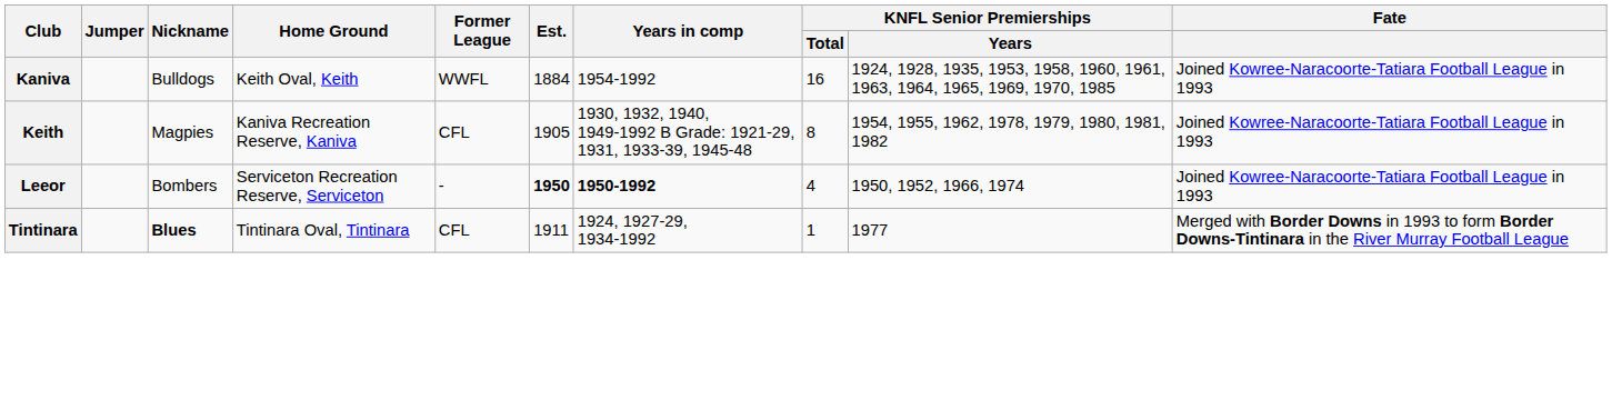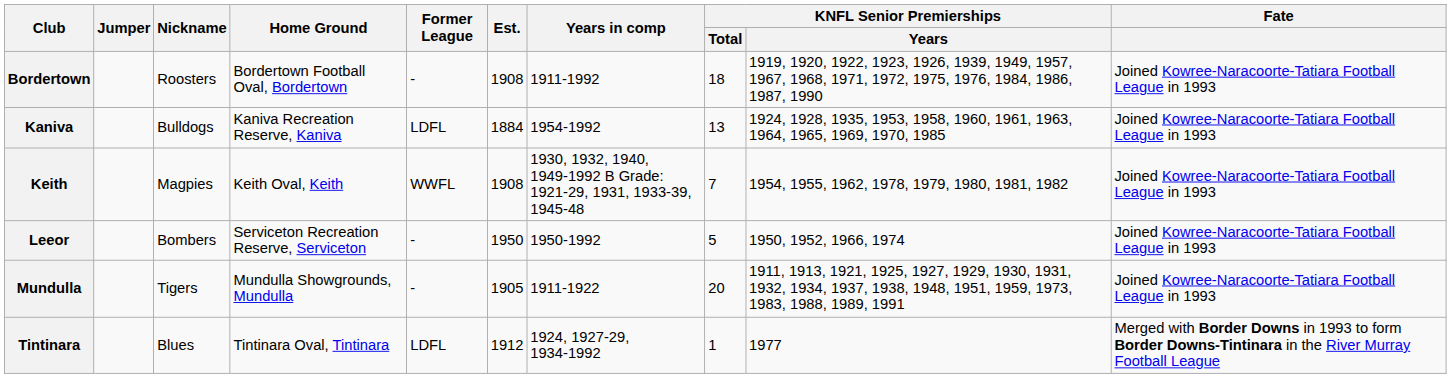 <table class="wikitable sortable">
 <tr>
 <th rowspan="2">Club</th>
 <th rowspan="2">Jumper</th>
 <th rowspan="2">Nickname</th>
 <th rowspan="2">Home Ground</th>
 <th rowspan="2">Former League</th>
 <th rowspan="2">Est.</th>
 <th rowspan="2">Years in comp</th>
 <th colspan="2">KNFL Senior Premierships</th>
 <th>Fate</th>
 </tr>
 <tr>
 <th>Total</th>
 <th>Years</th>
 <th></th>
 </tr>
 <tr>
+<th>Bordertown</th>
+<td></td>
+<td align="left">Roosters</td>
+<td align="left">Bordertown Football Oval, <a href='#'>Bordertown</a></td>
+<td>-</td>
+<td>1908</td>
+<td>1911-1992</td>
+<td>18</td>
+<td align="left">1919, 1920, 1922, 1923, 1926, 1939, 1949, 1957, 1967, 1968, 1971, 1972, 1975, 1976, 1984, 1986, 1987, 1990</td>
+<td>Joined <a href='#'>Kowree-Naracoorte-Tatiara Football League</a> in 1993</td>
+</tr>
+<tr>
 <th>Kaniva</th>
 <td></td>
 <td align="left">Bulldogs</td>
-<td align="left">Keith Oval, <a href='#'>Keith</a></td>
-<td>WWFL</td>
+<td align="left">Kaniva Recreation Reserve, <a href='#'>Kaniva</a></td>
+<td>LDFL</td>
 <td>1884</td>
 <td>1954-1992</td>
-<td>16</td>
+<td>13</td>
 <td align="left">1924, 1928, 1935, 1953, 1958, 1960, 1961, 1963, 1964, 1965, 1969, 1970, 1985</td>
 <td>Joined <a href='#'>Kowree-Naracoorte-Tatiara Football League</a> in 1993</td>
 </tr>
 <tr>
 <th>Keith</th>
 <td></td>
 <td align="left">Magpies</td>
-<td align="left">Kaniva Recreation Reserve, <a href='#'>Kaniva</a></td>
-<td>CFL</td>
-<td>1905</td>
+<td align="left">Keith Oval, <a href='#'>Keith</a></td>
+<td>WWFL</td>
+<td>1908</td>
 <td>1930, 1932, 1940,<br>1949-1992 B Grade: 1921-29, 1931,  1933-39, 1945-48</td>
-<td>8</td>
+<td>7</td>
 <td align="left">1954, 1955, 1962, 1978, 1979, 1980, 1981, 1982</td>
 <td>Joined <a href='#'>Kowree-Naracoorte-Tatiara Football League</a> in 1993</td>
 </tr>
 <tr>
 <th>Leeor</th>
 <td></td>
 <td align="left">Bombers</td>
 <td align="left">Serviceton Recreation Reserve, <a href='#'>Serviceton</a></td>
 <td>-</td>
-<td><strong>1950</strong></td>
-<td><strong>1950-1992</strong></td>
-<td>4</td>
+<td>1950</td>
+<td>1950-1992</td>
+<td>5</td>
 <td align="left">1950, 1952, 1966, 1974</td>
+<td>Joined <a href='#'>Kowree-Naracoorte-Tatiara Football League</a> in 1993</td>
+</tr>
+<tr>
+<th>Mundulla</th>
+<td></td>
+<td align="left">Tigers</td>
+<td align="left">Mundulla Showgrounds, <a href='#'>Mundulla</a></td>
+<td>-</td>
+<td>1905</td>
+<td>1911-1922</td>
+<td>20</td>
+<td align="left">1911, 1913, 1921, 1925, 1927, 1929, 1930, 1931, 1932, 1934, 1937, 1938, 1948, 1951, 1959, 1973, 1983, 1988, 1989, 1991</td>
 <td>Joined <a href='#'>Kowree-Naracoorte-Tatiara Football League</a> in 1993</td>
 </tr>
 <tr>
 <th>Tintinara</th>
 <td></td>
-<td align="left"><strong>Blues</strong></td>
+<td align="left">Blues</td>
 <td align="left">Tintinara Oval, <a href='#'>Tintinara</a></td>
-<td>CFL</td>
-<td>1911</td>
+<td>LDFL</td>
+<td>1912</td>
 <td>1924, 1927-29,<br>1934-1992</td>
 <td>1</td>
 <td align="left">1977</td>
 <td>Merged with <strong>Border Downs</strong> in 1993 to form <strong>Border Downs-Tintinara</strong> in the <a href='#'>River Murray Football League</a></td>
 </tr>
 </table>
